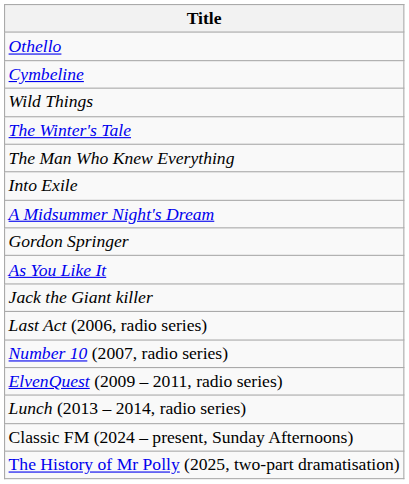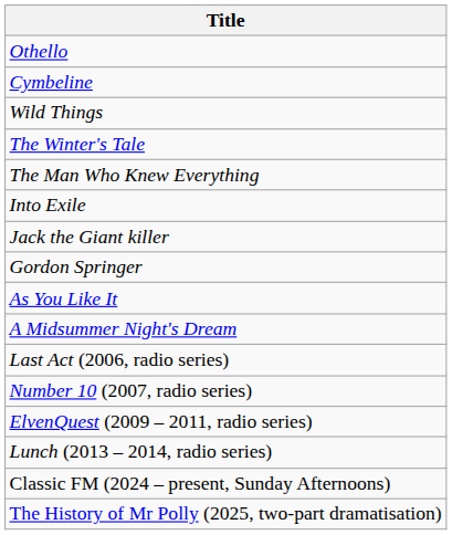 <table class="wikitable sortable">
 <tr>
 <th>Title</th>
 </tr>
 <tr>
 <td><em><a href='#'>Othello</a></em></td>
 </tr>
 <tr>
 <td><em><a href='#'>Cymbeline</a></em></td>
 </tr>
 <tr>
 <td><em>Wild Things</em></td>
 </tr>
 <tr>
 <td><em><a href='#'>The Winter's Tale</a></em></td>
 </tr>
 <tr>
 <td><em>The Man Who Knew Everything</em></td>
 </tr>
 <tr>
 <td><em>Into Exile</em></td>
 </tr>
 <tr>
-<td><em><a href='#'>A Midsummer Night's Dream</a></em></td>
+<td><em>Jack the Giant killer</em></td>
 </tr>
 <tr>
 <td><em>Gordon Springer</em></td>
 </tr>
 <tr>
 <td><em><a href='#'>As You Like It</a></em></td>
 </tr>
 <tr>
-<td><em>Jack the Giant killer</em></td>
+<td><em><a href='#'>A Midsummer Night's Dream</a></em></td>
 </tr>
 <tr>
 <td><em>Last Act</em> (2006, radio series)</td>
 </tr>
 <tr>
 <td><em><a href='#'>Number 10</a></em> (2007, radio series)</td>
 </tr>
 <tr>
 <td><em><a href='#'>ElvenQuest</a></em> (2009 – 2011, radio series)</td>
 </tr>
 <tr>
 <td><em>Lunch</em> (2013 – 2014, radio series)</td>
 </tr>
 <tr>
 <td>Classic FM (2024 – present, Sunday Afternoons)</td>
 </tr>
 <tr>
 <td><a href='#'>The History of Mr Polly</a> (2025, two-part dramatisation)</td>
 </tr>
 </table>
